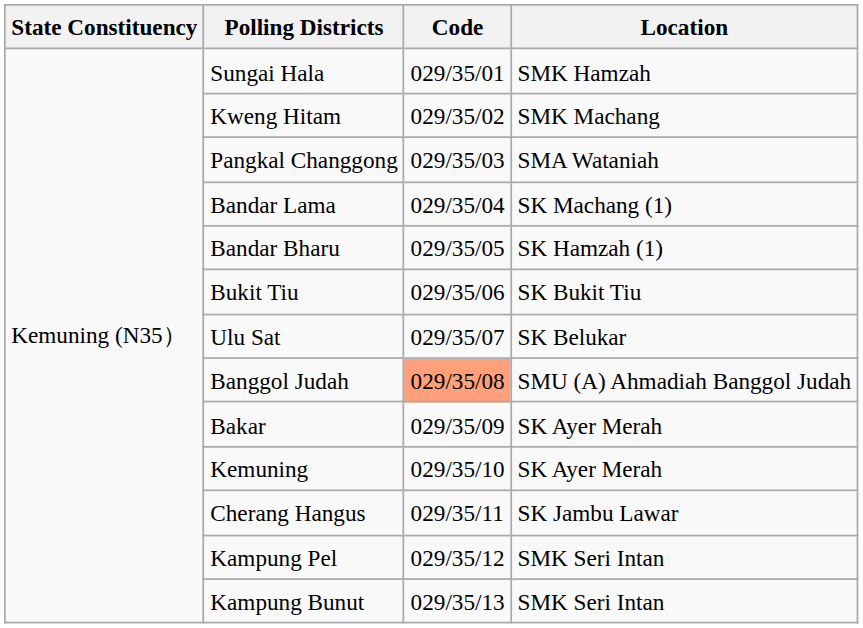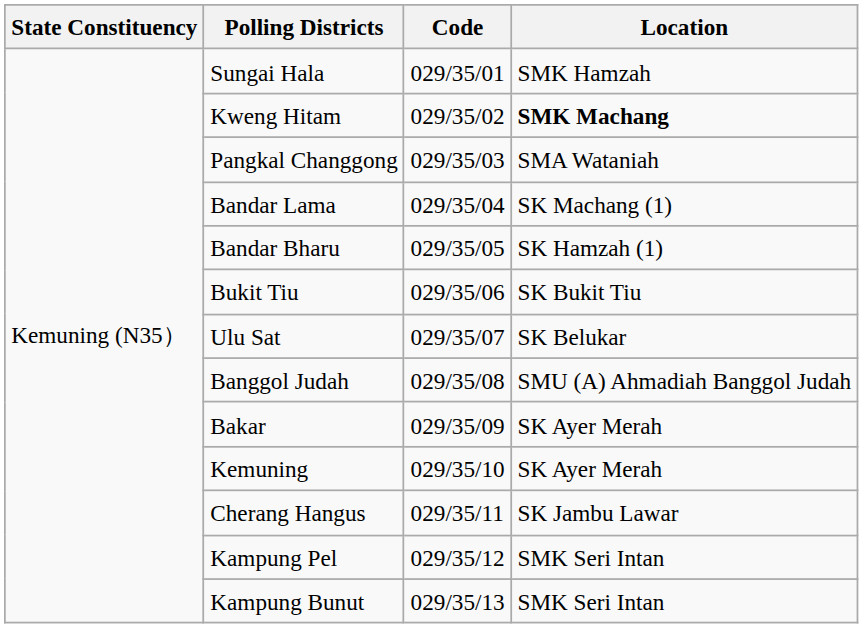 <table class="wikitable sortable mw-collapsible">
 <tr>
 <th><small>State Constituency</small></th>
 <th><small>Polling Districts</small></th>
 <th><small>Code</small></th>
 <th><small>Location</small></th>
 </tr>
 <tr>
 <td rowspan="13"><small>Kemuning (N35）</small></td>
 <td><small>Sungai Hala</small></td>
 <td><small>029/35/01</small></td>
 <td><small>SMK Hamzah</small></td>
 </tr>
 <tr>
 <td><small>Kweng Hitam</small></td>
 <td><small>029/35/02</small></td>
-<td><small>SMK Machang</small></td>
+<td><strong><small>SMK Machang</small></strong></td>
 </tr>
 <tr>
 <td><small>Pangkal Changgong</small></td>
 <td><small>029/35/03</small></td>
 <td><small>SMA Wataniah</small></td>
 </tr>
 <tr>
 <td><small>Bandar Lama</small></td>
 <td><small>029/35/04</small></td>
 <td><small>SK Machang (1)</small></td>
 </tr>
 <tr>
 <td><small>Bandar Bharu</small></td>
 <td><small>029/35/05</small></td>
 <td><small>SK Hamzah (1)</small></td>
 </tr>
 <tr>
 <td><small>Bukit Tiu</small></td>
 <td><small>029/35/06</small></td>
 <td><small>SK Bukit Tiu</small></td>
 </tr>
 <tr>
 <td><small>Ulu Sat</small></td>
 <td><small>029/35/07</small></td>
 <td><small>SK Belukar</small></td>
 </tr>
 <tr>
 <td><small>Banggol Judah</small></td>
-<td style="background: lightsalmon;"><small>029/35/08</small></td>
+<td><small>029/35/08</small></td>
 <td><small>SMU (A) Ahmadiah Banggol Judah</small></td>
 </tr>
 <tr>
 <td><small>Bakar</small></td>
 <td><small>029/35/09</small></td>
 <td><small>SK Ayer Merah</small></td>
 </tr>
 <tr>
 <td><small>Kemuning</small></td>
 <td><small>029/35/10</small></td>
 <td><small>SK Ayer Merah</small></td>
 </tr>
 <tr>
 <td><small>Cherang Hangus</small></td>
 <td><small>029/35/11</small></td>
 <td><small>SK Jambu Lawar</small></td>
 </tr>
 <tr>
 <td><small>Kampung Pel</small></td>
 <td><small>029/35/12</small></td>
 <td><small>SMK Seri Intan</small></td>
 </tr>
 <tr>
 <td><small>Kampung Bunut</small></td>
 <td><small>029/35/13</small></td>
 <td><small>SMK Seri Intan</small></td>
 </tr>
 </table>
